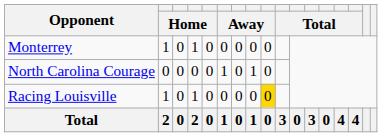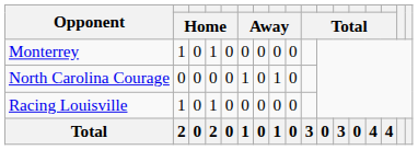 <table class="wikitable plainrowheaders sortable" style="text-align:center">
 <tr>
 <th rowspan="2" scope="col">Opponent</th>
 <th scope="col"></th>
 <th scope="col"></th>
 <th scope="col"></th>
 <th scope="col"></th>
 <th scope="col"></th>
 <th scope="col"></th>
 <th scope="col"></th>
 <th scope="col"></th>
 <th scope="col"></th>
 <th scope="col"></th>
 <th scope="col"></th>
 <th scope="col"></th>
 <th scope="col"></th>
 <th scope="col"></th>
 <th rowspan="2" scope="col"></th>
 <th rowspan="2"></th>
 </tr>
 <tr class="unsortable">
 <th colspan="4">Home</th>
 <th colspan="4">Away</th>
 <th colspan="6">Total</th>
 </tr>
 <tr>
 <td style="text-align:left"> <a href='#'>Monterrey</a></td>
 <td>1</td>
 <td>0</td>
 <td>1</td>
 <td>0</td>
 <td>0</td>
 <td>0</td>
 <td>0</td>
 <td>0<br></td>
 <td></td>
 </tr>
 <tr>
 <td style="text-align:left"> <a href='#'>North Carolina Courage</a></td>
 <td>0</td>
 <td>0</td>
 <td>0</td>
 <td>0</td>
 <td>1</td>
 <td>0</td>
 <td>1</td>
 <td>0<br></td>
 <td></td>
 </tr>
 <tr>
 <td style="text-align:left"> <a href='#'>Racing Louisville</a></td>
 <td>1</td>
 <td>0</td>
 <td>1</td>
 <td>0</td>
 <td>0</td>
 <td>0</td>
 <td>0</td>
-<td style="background: gold;">0<br></td>
+<td>0<br></td>
 <td></td>
 </tr>
 <tr>
 <th>Total</th>
 <th>2</th>
 <th>0</th>
 <th>2</th>
 <th>0</th>
 <th>1</th>
 <th>0</th>
 <th>1</th>
 <th>0</th>
 <th>3</th>
 <th>0</th>
 <th>3</th>
 <th>0</th>
 <th>4</th>
 <th>4</th>
 <th><br></th>
 <th></th>
 </tr>
 </table>
